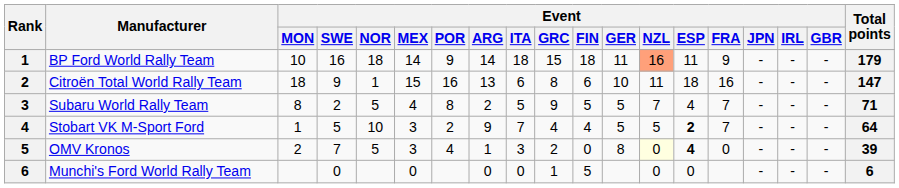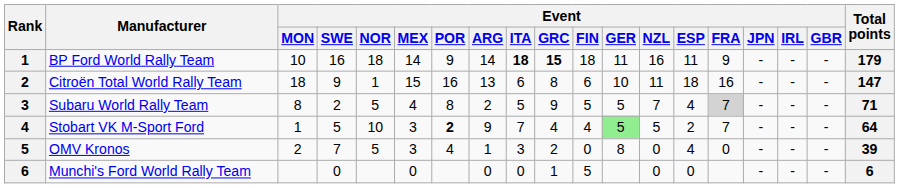 <table class="wikitable" style="text-align:center; font-size:90%;">
 <tr>
 <th rowspan=2>Rank</th>
 <th rowspan=2 style="width:16em">Manufacturer</th>
 <th colspan=16>Event</th>
 <th rowspan=2>Total<br>points</th>
 </tr>
 <tr valign="top">
 <th><a href='#'>MON</a><br></th>
 <th><a href='#'>SWE</a><br></th>
 <th><a href='#'>NOR</a><br></th>
 <th><a href='#'>MEX</a><br></th>
 <th><a href='#'>POR</a><br></th>
 <th><a href='#'>ARG</a><br></th>
 <th><a href='#'>ITA</a><br></th>
 <th><a href='#'>GRC</a><br></th>
 <th><a href='#'>FIN</a><br></th>
 <th><a href='#'>GER</a><br></th>
 <th><a href='#'>NZL</a><br></th>
 <th><a href='#'>ESP</a><br></th>
 <th><a href='#'>FRA</a><br></th>
 <th><a href='#'>JPN</a><br></th>
 <th><a href='#'>IRL</a><br></th>
 <th><a href='#'>GBR</a><br></th>
 </tr>
 <tr>
 <th>1</th>
 <td align=left><a href='#'>BP Ford World Rally Team</a></td>
 <td>10</td>
 <td>16</td>
 <td>18</td>
 <td>14</td>
 <td>9</td>
 <td>14</td>
-<td>18</td>
-<td>15</td>
+<td><strong>18</strong></td>
+<td><strong>15</strong></td>
 <td>18</td>
 <td>11</td>
-<td style="background: lightsalmon;">16</td>
+<td>16</td>
 <td>11</td>
 <td>9</td>
 <td>-</td>
 <td>-</td>
 <td>-</td>
 <th>179</th>
 </tr>
 <tr>
 <th>2</th>
 <td align=left><a href='#'>Citroën Total World Rally Team</a></td>
 <td>18</td>
 <td>9</td>
 <td>1</td>
 <td>15</td>
 <td>16</td>
 <td>13</td>
 <td>6</td>
 <td>8</td>
 <td>6</td>
 <td>10</td>
 <td>11</td>
 <td>18</td>
 <td>16</td>
 <td>-</td>
 <td>-</td>
 <td>-</td>
 <th>147</th>
 </tr>
 <tr>
 <th>3</th>
 <td align=left><a href='#'>Subaru World Rally Team</a></td>
 <td>8</td>
 <td>2</td>
 <td>5</td>
 <td>4</td>
 <td>8</td>
 <td>2</td>
 <td>5</td>
 <td>9</td>
 <td>5</td>
 <td>5</td>
 <td>7</td>
 <td>4</td>
-<td>7</td>
+<td style="background: lightgrey;">7</td>
 <td>-</td>
 <td>-</td>
 <td>-</td>
 <th>71</th>
 </tr>
 <tr>
 <th>4</th>
 <td align=left><a href='#'>Stobart VK M-Sport Ford</a></td>
 <td>1</td>
 <td>5</td>
 <td>10</td>
 <td>3</td>
-<td>2</td>
+<td><strong>2</strong></td>
 <td>9</td>
 <td>7</td>
 <td>4</td>
 <td>4</td>
+<td style="background: lightgreen;">5</td>
 <td>5</td>
-<td>5</td>
-<td><strong>2</strong></td>
+<td>2</td>
 <td>7</td>
 <td>-</td>
 <td>-</td>
 <td>-</td>
 <th>64</th>
 </tr>
 <tr>
 <th>5</th>
 <td align=left><a href='#'>OMV Kronos</a></td>
 <td>2</td>
 <td>7</td>
 <td>5</td>
 <td>3</td>
 <td>4</td>
 <td>1</td>
 <td>3</td>
 <td>2</td>
 <td>0</td>
 <td>8</td>
-<td style="background: lightyellow;">0</td>
-<td><strong>4</strong></td>
+<td>0</td>
+<td>4</td>
 <td>0</td>
 <td>-</td>
 <td>-</td>
 <td>-</td>
 <th>39</th>
 </tr>
 <tr>
 <th>6</th>
 <td align="left"><a href='#'>Munchi's Ford World Rally Team</a></td>
 <td></td>
 <td>0</td>
 <td></td>
 <td>0</td>
 <td></td>
 <td>0</td>
 <td>0</td>
 <td>1</td>
 <td>5</td>
 <td></td>
 <td>0</td>
 <td>0</td>
 <td></td>
 <td>-</td>
 <td>-</td>
 <td>-</td>
 <th>6</th>
 </tr>
 </table>
